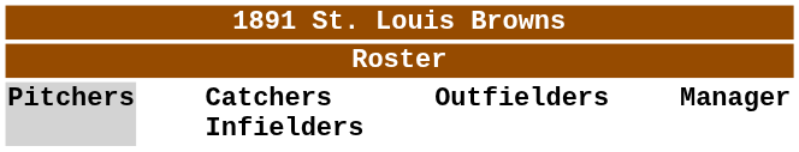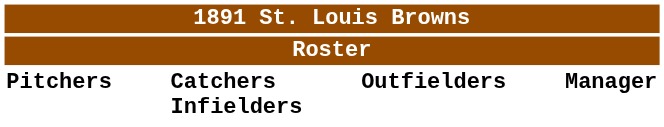 <table class="toccolours" style="font-size: 95%;">
 <tr>
 <th colspan="10" style="background-color: #964B00; color: white; text-align: center;">1891 St. Louis Browns</th>
 </tr>
 <tr>
 <td colspan="10" style="background-color: #964B00; color: white; text-align: center;"><strong>Roster</strong></td>
 </tr>
 <tr>
-<td valign="top" style="background: lightgrey;"><strong>Pitchers</strong><br>        </td>
+<td valign="top"><strong>Pitchers</strong><br>        </td>
 <td width="25px"></td>
 <td valign="top"><strong>Catchers</strong><br>      <strong>Infielders</strong>          </td>
 <td width="25px"></td>
 <td valign="top"><strong>Outfielders</strong><br>   </td>
 <td width="25px"></td>
 <td valign="top"><strong>Manager</strong><br></td>
 </tr>
 </table>
